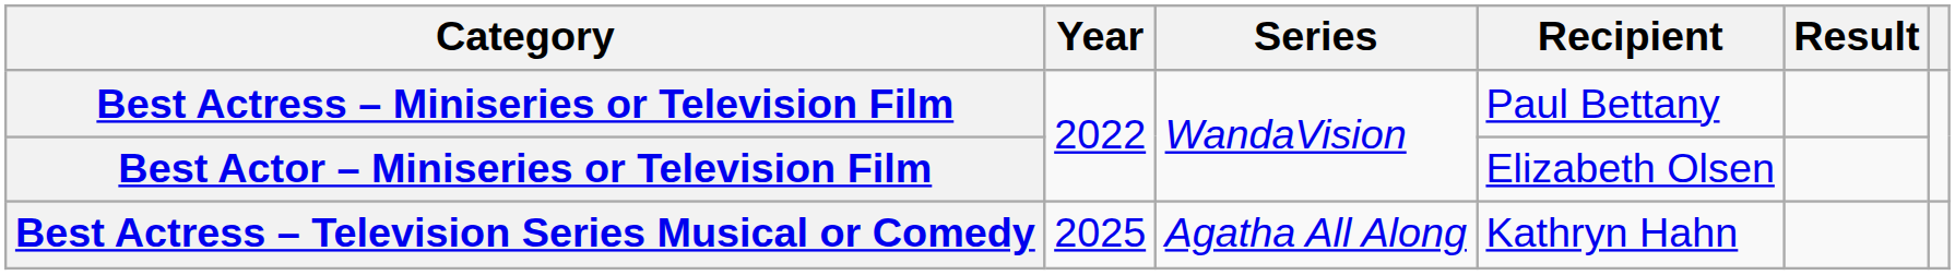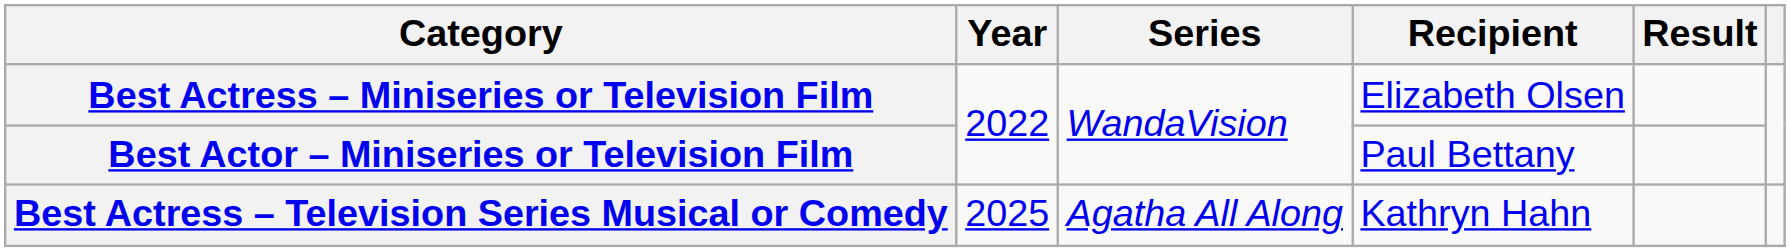 <table class="wikitable plainrowheaders sortable">
 <tr>
 <th scope="col">Category</th>
 <th scope="col">Year</th>
 <th scope="col">Series</th>
 <th scope="col">Recipient</th>
 <th scope="col">Result</th>
 <th scope="col" class="unsortable"></th>
 </tr>
 <tr>
 <th scope="row"><a href='#'>Best Actress – Miniseries or Television Film</a></th>
 <td rowspan="2"><a href='#'>2022</a></td>
 <td rowspan="2"><em><a href='#'>WandaVision</a></em></td>
-<td><a href='#'>Paul Bettany</a></td>
+<td><a href='#'>Elizabeth Olsen</a></td>
 <td></td>
 <td rowspan="2" style="text-align: center;"></td>
 </tr>
 <tr>
 <th scope="row"><a href='#'>Best Actor – Miniseries or Television Film</a></th>
-<td><a href='#'>Elizabeth Olsen</a></td>
+<td><a href='#'>Paul Bettany</a></td>
 <td></td>
 </tr>
 <tr>
 <th scope="row"><a href='#'>Best Actress – Television Series Musical or Comedy</a></th>
 <td><a href='#'>2025</a></td>
 <td><em><a href='#'>Agatha All Along</a></em></td>
 <td><a href='#'>Kathryn Hahn</a></td>
 <td></td>
 <td style="text-align: center;"></td>
 </tr>
 </table>
